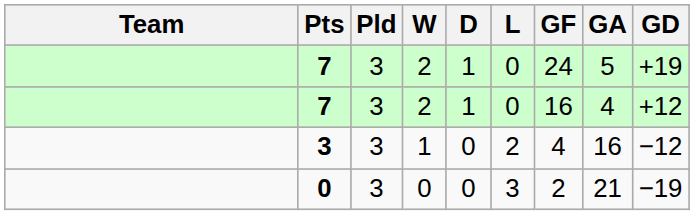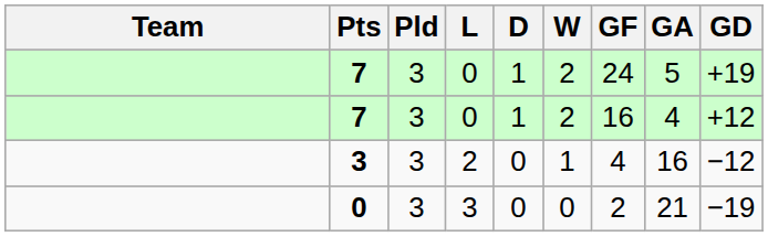 <table class="wikitable" style="text-align: center;">
 <tr>
 <th width=175>Team</th>
 <th width=20 abbr="Points">Pts</th>
 <th width=20 abbr="Played">Pld</th>
+<th width=20 abbr="Lost">L</th>
+<th width=20 abbr="Drawn">D</th>
 <th width=20 abbr="Won">W</th>
-<th width=20 abbr="Drawn">D</th>
-<th width=20 abbr="Lost">L</th>
 <th width=20 abbr="Goals for">GF</th>
 <th width=20 abbr="Goals against">GA</th>
 <th width=20 abbr="Goal difference">GD</th>
 </tr>
 <tr style="background:#ccffcc;">
 <td style="text-align:left;"></td>
 <td><strong>7</strong></td>
 <td>3</td>
+<td>0</td>
+<td>1</td>
 <td>2</td>
-<td>1</td>
-<td>0</td>
 <td>24</td>
 <td>5</td>
 <td>+19</td>
 </tr>
 <tr bgcolor=#ccffcc align=center>
 <td style="text-align:left;"></td>
 <td><strong>7</strong></td>
 <td>3</td>
+<td>0</td>
+<td>1</td>
 <td>2</td>
-<td>1</td>
-<td>0</td>
 <td>16</td>
 <td>4</td>
 <td>+12</td>
 </tr>
 <tr align=center>
 <td style="text-align:left;"></td>
 <td><strong>3</strong></td>
 <td>3</td>
+<td>2</td>
+<td>0</td>
 <td>1</td>
-<td>0</td>
-<td>2</td>
 <td>4</td>
 <td>16</td>
 <td>−12</td>
 </tr>
 <tr align=center>
 <td style="text-align:left;"></td>
 <td><strong>0</strong></td>
 <td>3</td>
+<td>3</td>
 <td>0</td>
 <td>0</td>
-<td>3</td>
 <td>2</td>
 <td>21</td>
 <td>−19</td>
 </tr>
 </table>
